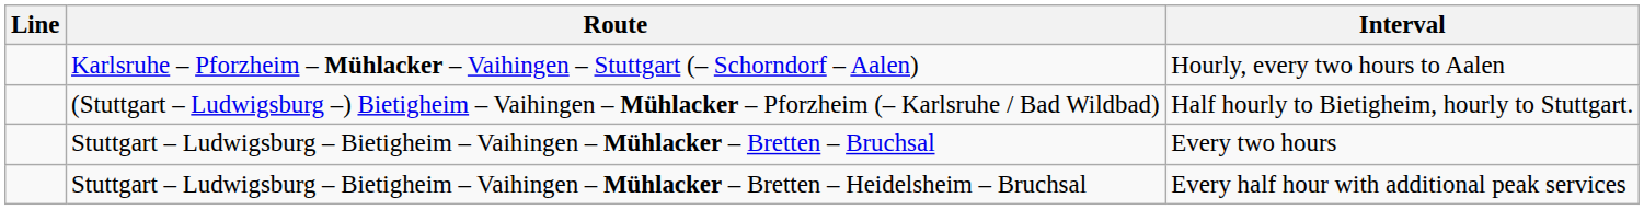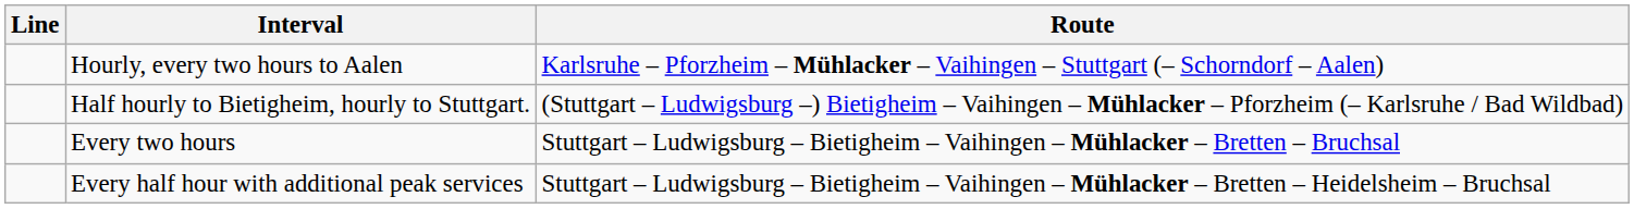 <table class="wikitable">
 <tr>
 <th>Line</th>
+<th>Interval</th>
 <th>Route</th>
-<th>Interval</th>
 </tr>
 <tr>
 <td></td>
+<td>Hourly, every two hours to Aalen</td>
 <td><a href='#'>Karlsruhe</a> – <a href='#'>Pforzheim</a> – <strong>Mühlacker</strong> – <a href='#'>Vaihingen</a> – <a href='#'>Stuttgart</a> (– <a href='#'>Schorndorf</a> – <a href='#'>Aalen</a>)</td>
-<td>Hourly, every two hours to Aalen</td>
 </tr>
 <tr>
 <td></td>
+<td>Half hourly to Bietigheim, hourly to Stuttgart.</td>
 <td>(Stuttgart – <a href='#'>Ludwigsburg</a> –) <a href='#'>Bietigheim</a> – Vaihingen – <strong>Mühlacker</strong> – Pforzheim (–  Karlsruhe / Bad Wildbad)</td>
-<td>Half hourly to Bietigheim, hourly to Stuttgart.</td>
 </tr>
 <tr>
 <td align="center"></td>
+<td>Every two hours</td>
 <td>Stuttgart – Ludwigsburg – Bietigheim – Vaihingen – <strong>Mühlacker</strong> – <a href='#'>Bretten</a> – <a href='#'>Bruchsal</a></td>
-<td>Every two hours</td>
 </tr>
 <tr>
 <td></td>
+<td>Every half hour with additional peak services</td>
 <td>Stuttgart – Ludwigsburg – Bietigheim – Vaihingen – <strong>Mühlacker</strong> – Bretten – Heidelsheim – Bruchsal</td>
-<td>Every half hour with additional peak services</td>
 </tr>
 </table>
